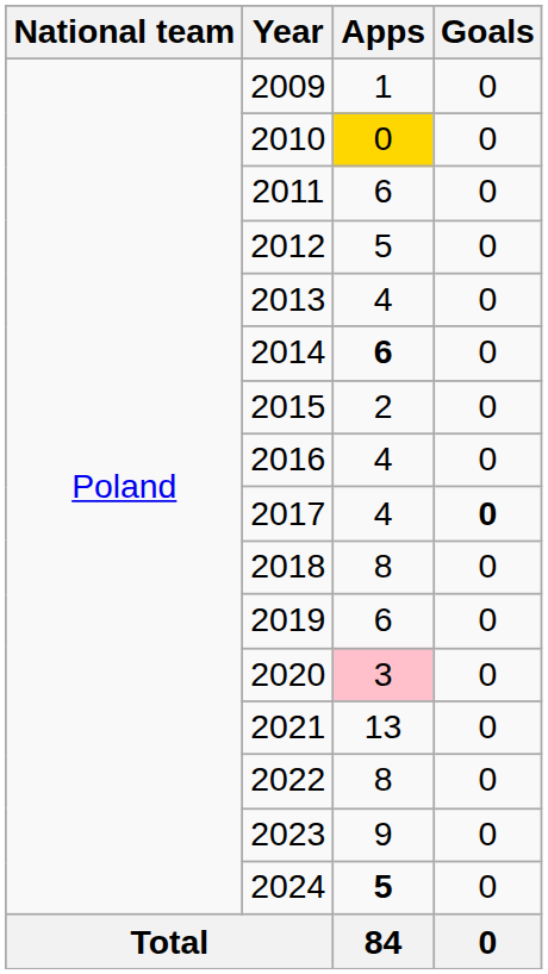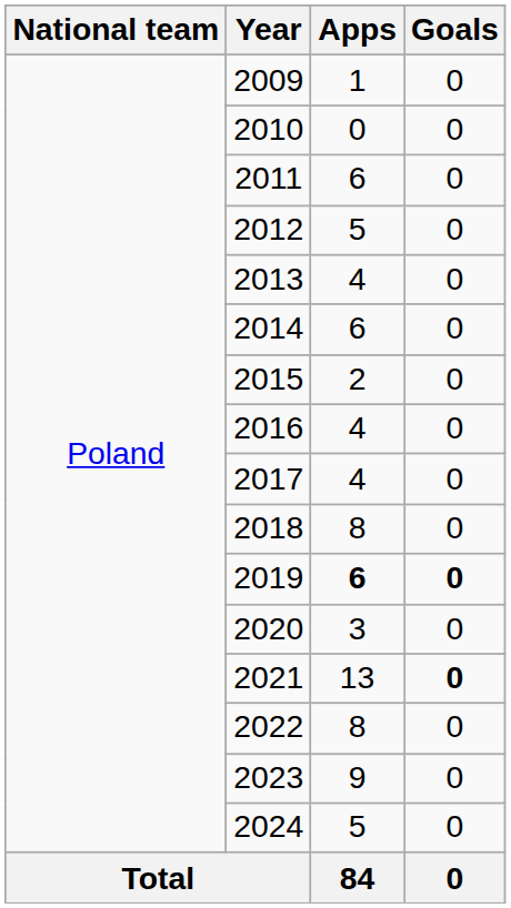 <table class="wikitable" style="text-align: center;">
 <tr>
 <th>National team</th>
 <th>Year</th>
 <th>Apps</th>
 <th>Goals</th>
 </tr>
 <tr>
 <td rowspan="16" style="vertical-align:center;"><a href='#'>Poland</a></td>
 <td>2009</td>
 <td>1</td>
 <td>0</td>
 </tr>
 <tr>
 <td>2010</td>
-<td style="background: gold;">0</td>
+<td>0</td>
 <td>0</td>
 </tr>
 <tr>
 <td>2011</td>
 <td>6</td>
 <td>0</td>
 </tr>
 <tr>
 <td>2012</td>
 <td>5</td>
 <td>0</td>
 </tr>
 <tr>
 <td>2013</td>
 <td>4</td>
 <td>0</td>
 </tr>
 <tr>
 <td>2014</td>
-<td><strong>6</strong></td>
+<td>6</td>
 <td>0</td>
 </tr>
 <tr>
 <td>2015</td>
 <td>2</td>
 <td>0</td>
 </tr>
 <tr>
 <td>2016</td>
 <td>4</td>
 <td>0</td>
 </tr>
 <tr>
 <td>2017</td>
 <td>4</td>
-<td><strong>0</strong></td>
+<td>0</td>
 </tr>
 <tr>
 <td>2018</td>
 <td>8</td>
 <td>0</td>
 </tr>
 <tr>
 <td>2019</td>
-<td>6</td>
-<td>0</td>
+<td><strong>6</strong></td>
+<td><strong>0</strong></td>
 </tr>
 <tr>
 <td>2020</td>
-<td style="background: pink;">3</td>
+<td>3</td>
 <td>0</td>
 </tr>
 <tr>
 <td>2021</td>
 <td>13</td>
-<td>0</td>
+<td><strong>0</strong></td>
 </tr>
 <tr>
 <td>2022</td>
 <td>8</td>
 <td>0</td>
 </tr>
 <tr>
 <td>2023</td>
 <td>9</td>
 <td>0</td>
 </tr>
 <tr>
 <td>2024</td>
-<td><strong>5</strong></td>
+<td>5</td>
 <td>0</td>
 </tr>
 <tr>
 <th colspan="2">Total</th>
 <th>84</th>
 <th>0</th>
 </tr>
 </table>
